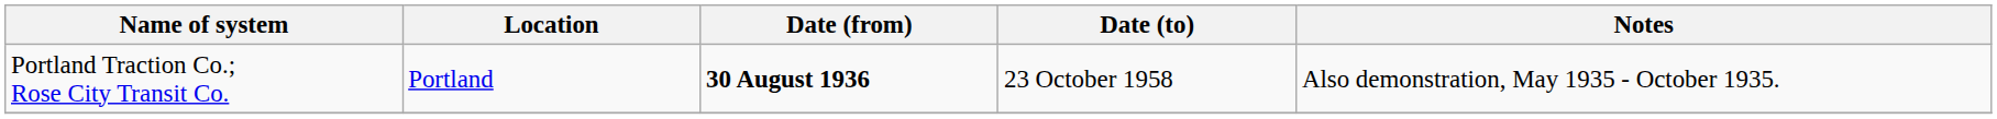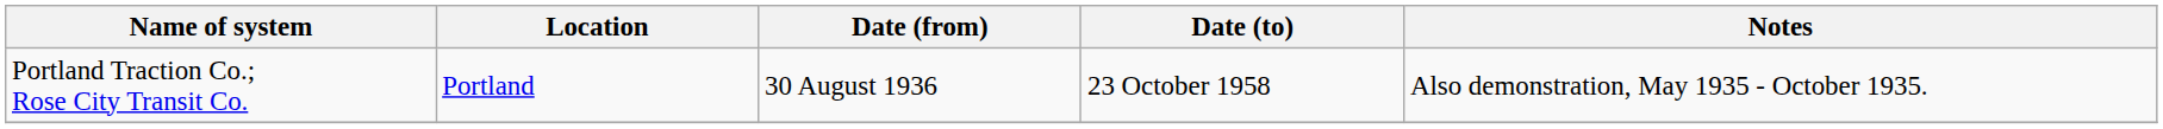 <table class="wikitable" width=100%>
 <tr>
 <th width=20%>Name of system</th>
 <th width=15%>Location</th>
 <th width=15%>Date (from)</th>
 <th width=15%>Date (to)</th>
 <th width=35%>Notes</th>
 </tr>
 <tr>
 <td>Portland Traction Co.;<br><a href='#'>Rose City Transit Co.</a></td>
 <td><a href='#'>Portland</a></td>
-<td><strong>30 August 1936</strong></td>
+<td>30 August 1936</td>
 <td>23 October 1958</td>
 <td>Also demonstration, May 1935 - October 1935.</td>
 </tr>
 <tr>
 </tr>
 </table>
